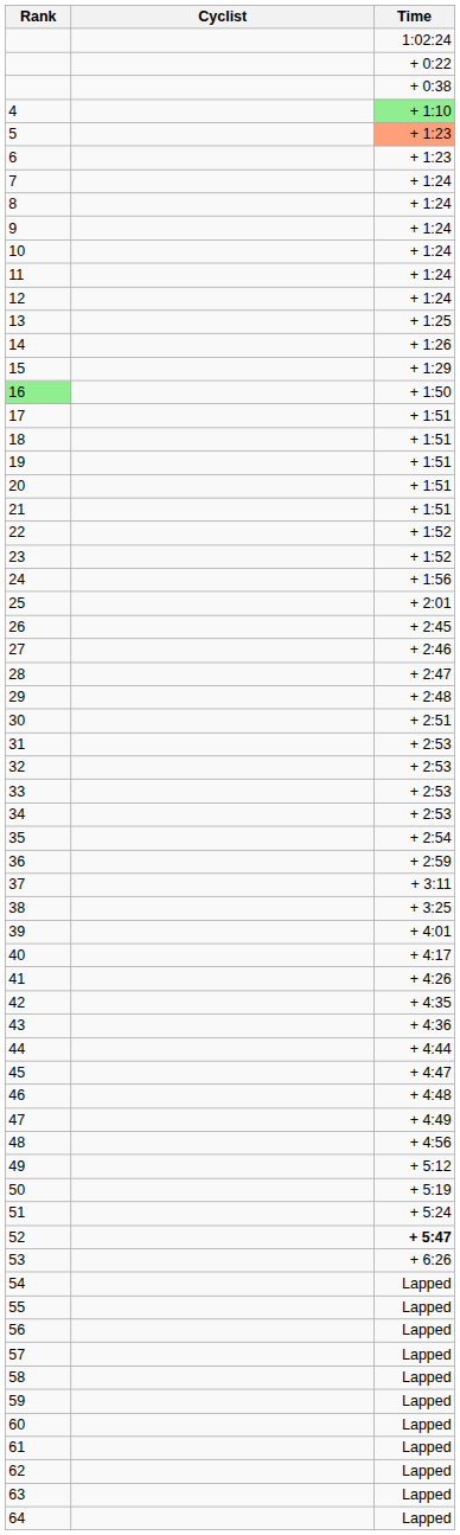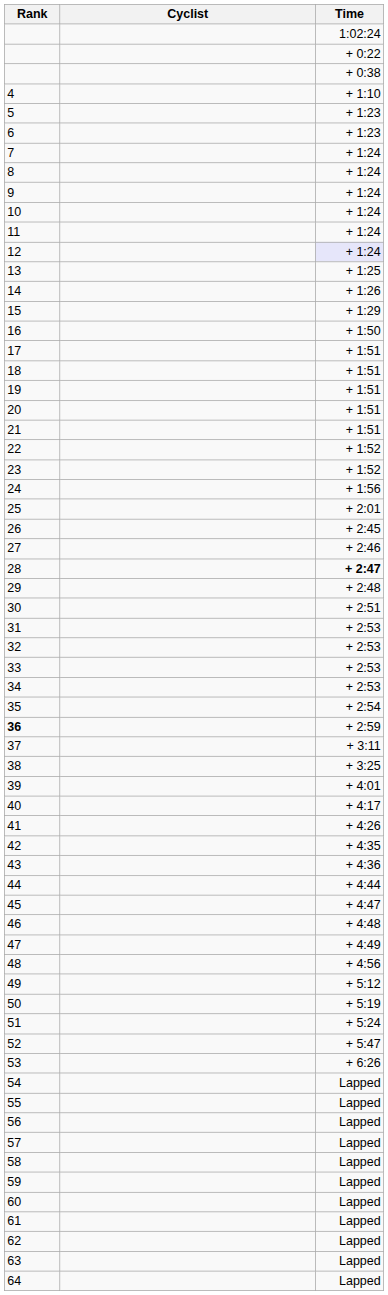 <table class="wikitable">
 <tr>
 <th style="width: 4em;">Rank</th>
 <th style="width: 20em;">Cyclist</th>
 <th style="width: 5em;">Time</th>
 </tr>
 <tr>
 <td></td>
 <td></td>
 <td align="right">1:02:24</td>
 </tr>
 <tr>
 <td></td>
 <td></td>
 <td align="right">+ 0:22</td>
 </tr>
 <tr>
 <td></td>
 <td></td>
 <td align="right">+ 0:38</td>
 </tr>
 <tr>
 <td>4</td>
 <td></td>
-<td align="right" style="background: lightgreen;">+ 1:10</td>
+<td align="right">+ 1:10</td>
 </tr>
 <tr>
 <td>5</td>
 <td></td>
-<td align="right" style="background: lightsalmon;">+ 1:23</td>
+<td align="right">+ 1:23</td>
 </tr>
 <tr>
 <td>6</td>
 <td></td>
 <td align="right">+ 1:23</td>
 </tr>
 <tr>
 <td>7</td>
 <td></td>
 <td align="right">+ 1:24</td>
 </tr>
 <tr>
 <td>8</td>
 <td></td>
 <td align="right">+ 1:24</td>
 </tr>
 <tr>
 <td>9</td>
 <td></td>
 <td align="right">+ 1:24</td>
 </tr>
 <tr>
 <td>10</td>
 <td></td>
 <td align="right">+ 1:24</td>
 </tr>
 <tr>
 <td>11</td>
 <td></td>
 <td align="right">+ 1:24</td>
 </tr>
 <tr>
 <td>12</td>
 <td></td>
-<td align="right">+ 1:24</td>
+<td align="right" style="background: lavender;">+ 1:24</td>
 </tr>
 <tr>
 <td>13</td>
 <td></td>
 <td align="right">+ 1:25</td>
 </tr>
 <tr>
 <td>14</td>
 <td></td>
 <td align="right">+ 1:26</td>
 </tr>
 <tr>
 <td>15</td>
 <td></td>
 <td align="right">+ 1:29</td>
 </tr>
 <tr>
-<td style="background: lightgreen;">16</td>
+<td>16</td>
 <td></td>
 <td align="right">+ 1:50</td>
 </tr>
 <tr>
 <td>17</td>
 <td></td>
 <td align="right">+ 1:51</td>
 </tr>
 <tr>
 <td>18</td>
 <td></td>
 <td align="right">+ 1:51</td>
 </tr>
 <tr>
 <td>19</td>
 <td></td>
 <td align="right">+ 1:51</td>
 </tr>
 <tr>
 <td>20</td>
 <td></td>
 <td align="right">+ 1:51</td>
 </tr>
 <tr>
 <td>21</td>
 <td></td>
 <td align="right">+ 1:51</td>
 </tr>
 <tr>
 <td>22</td>
 <td></td>
 <td align="right">+ 1:52</td>
 </tr>
 <tr>
 <td>23</td>
 <td></td>
 <td align="right">+ 1:52</td>
 </tr>
 <tr>
 <td>24</td>
 <td></td>
 <td align="right">+ 1:56</td>
 </tr>
 <tr>
 <td>25</td>
 <td></td>
 <td align="right">+ 2:01</td>
 </tr>
 <tr>
 <td>26</td>
 <td></td>
 <td align="right">+ 2:45</td>
 </tr>
 <tr>
 <td>27</td>
 <td></td>
 <td align="right">+ 2:46</td>
 </tr>
 <tr>
 <td>28</td>
 <td></td>
-<td align="right">+ 2:47</td>
+<td align="right"><strong>+ 2:47</strong></td>
 </tr>
 <tr>
 <td>29</td>
 <td></td>
 <td align="right">+ 2:48</td>
 </tr>
 <tr>
 <td>30</td>
 <td></td>
 <td align="right">+ 2:51</td>
 </tr>
 <tr>
 <td>31</td>
 <td></td>
 <td align="right">+ 2:53</td>
 </tr>
 <tr>
 <td>32</td>
 <td></td>
 <td align="right">+ 2:53</td>
 </tr>
 <tr>
 <td>33</td>
 <td></td>
 <td align="right">+ 2:53</td>
 </tr>
 <tr>
 <td>34</td>
 <td></td>
 <td align="right">+ 2:53</td>
 </tr>
 <tr>
 <td>35</td>
 <td></td>
 <td align="right">+ 2:54</td>
 </tr>
 <tr>
-<td>36</td>
+<td><strong>36</strong></td>
 <td></td>
 <td align="right">+ 2:59</td>
 </tr>
 <tr>
 <td>37</td>
 <td></td>
 <td align="right">+ 3:11</td>
 </tr>
 <tr>
 <td>38</td>
 <td></td>
 <td align="right">+ 3:25</td>
 </tr>
 <tr>
 <td>39</td>
 <td></td>
 <td align="right">+ 4:01</td>
 </tr>
 <tr>
 <td>40</td>
 <td></td>
 <td align="right">+ 4:17</td>
 </tr>
 <tr>
 <td>41</td>
 <td></td>
 <td align="right">+ 4:26</td>
 </tr>
 <tr>
 <td>42</td>
 <td></td>
 <td align="right">+ 4:35</td>
 </tr>
 <tr>
 <td>43</td>
 <td></td>
 <td align="right">+ 4:36</td>
 </tr>
 <tr>
 <td>44</td>
 <td></td>
 <td align="right">+ 4:44</td>
 </tr>
 <tr>
 <td>45</td>
 <td></td>
 <td align="right">+ 4:47</td>
 </tr>
 <tr>
 <td>46</td>
 <td></td>
 <td align="right">+ 4:48</td>
 </tr>
 <tr>
 <td>47</td>
 <td></td>
 <td align="right">+ 4:49</td>
 </tr>
 <tr>
 <td>48</td>
 <td></td>
 <td align="right">+ 4:56</td>
 </tr>
 <tr>
 <td>49</td>
 <td></td>
 <td align="right">+ 5:12</td>
 </tr>
 <tr>
 <td>50</td>
 <td></td>
 <td align="right">+ 5:19</td>
 </tr>
 <tr>
 <td>51</td>
 <td></td>
 <td align="right">+ 5:24</td>
 </tr>
 <tr>
 <td>52</td>
 <td></td>
-<td align="right"><strong>+ 5:47</strong></td>
+<td align="right">+ 5:47</td>
 </tr>
 <tr>
 <td>53</td>
 <td></td>
 <td align="right">+ 6:26</td>
 </tr>
 <tr>
 <td>54</td>
 <td></td>
 <td align="right">Lapped</td>
 </tr>
 <tr>
 <td>55</td>
 <td></td>
 <td align="right">Lapped</td>
 </tr>
 <tr>
 <td>56</td>
 <td></td>
 <td align="right">Lapped</td>
 </tr>
 <tr>
 <td>57</td>
 <td></td>
 <td align="right">Lapped</td>
 </tr>
 <tr>
 <td>58</td>
 <td></td>
 <td align="right">Lapped</td>
 </tr>
 <tr>
 <td>59</td>
 <td></td>
 <td align="right">Lapped</td>
 </tr>
 <tr>
 <td>60</td>
 <td></td>
 <td align="right">Lapped</td>
 </tr>
 <tr>
 <td>61</td>
 <td></td>
 <td align="right">Lapped</td>
 </tr>
 <tr>
 <td>62</td>
 <td></td>
 <td align="right">Lapped</td>
 </tr>
 <tr>
 <td>63</td>
 <td></td>
 <td align="right">Lapped</td>
 </tr>
 <tr>
 <td>64</td>
 <td></td>
 <td align="right">Lapped</td>
 </tr>
 </table>
